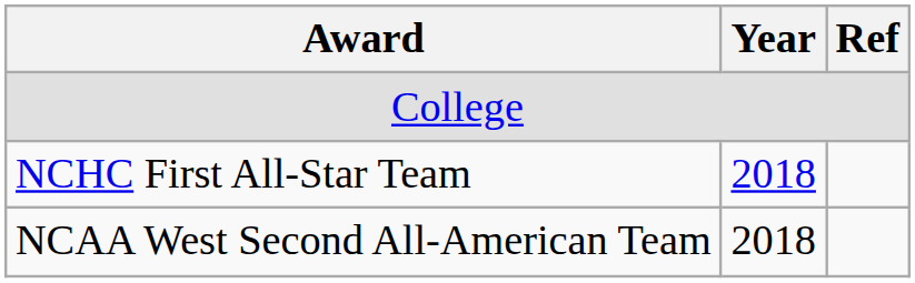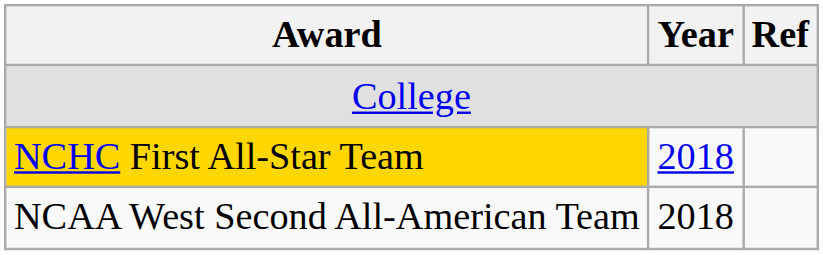 <table class="wikitable">
 <tr>
 <th>Award</th>
 <th>Year</th>
 <th>Ref</th>
 </tr>
 <tr ALIGN="center" bgcolor="#e0e0e0">
 <td colspan="3"><a href='#'>College</a></td>
 </tr>
 <tr>
-<td><a href='#'>NCHC</a> First All-Star Team</td>
+<td style="background: gold;"><a href='#'>NCHC</a> First All-Star Team</td>
 <td><a href='#'>2018</a></td>
 <td></td>
 </tr>
 <tr>
 <td>NCAA West Second All-American Team</td>
 <td>2018</td>
 <td></td>
 </tr>
 </table>
